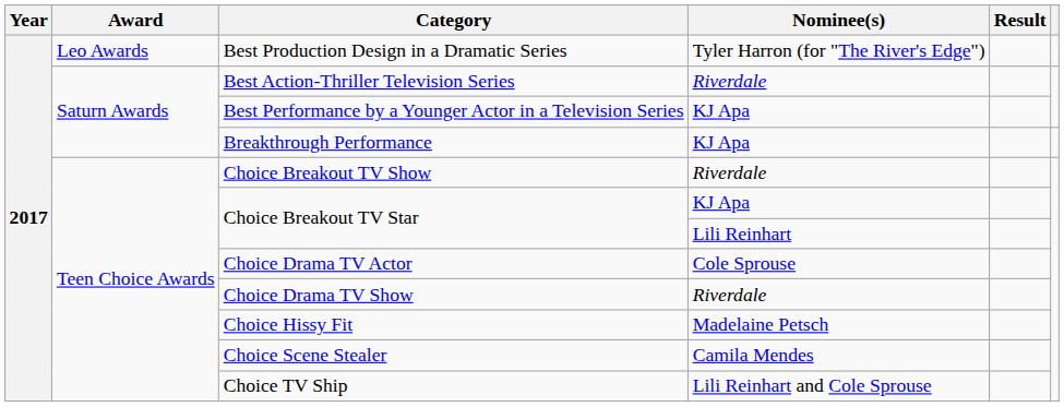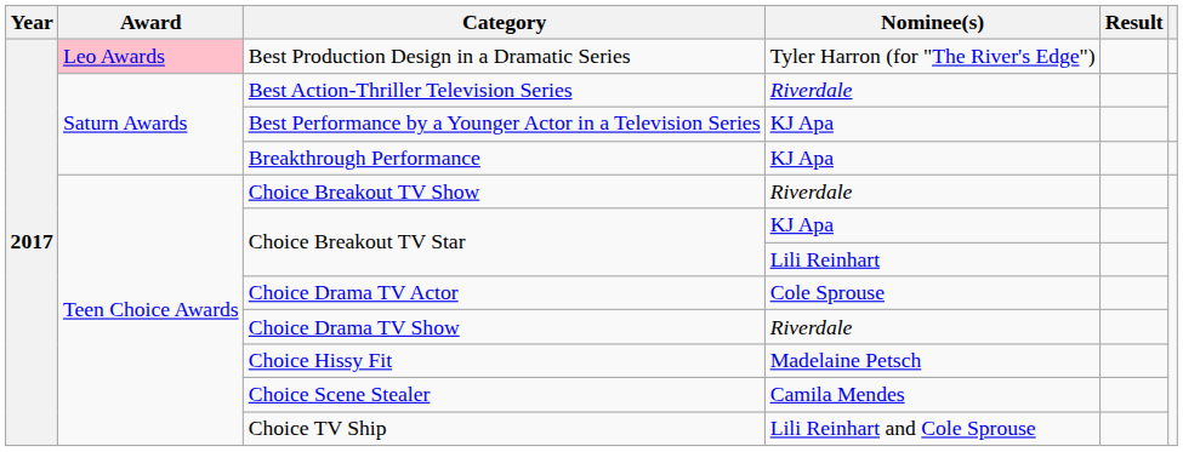 <table class="wikitable sortable plainrowheaders">
 <tr>
 <th scope="col">Year</th>
 <th scope="col">Award</th>
 <th scope="col">Category</th>
 <th scope="col">Nominee(s)</th>
 <th scope="col">Result</th>
 <th scope="col" class="unsortable"></th>
 </tr>
 <tr>
 <th scope="row" rowspan="12">2017</th>
-<td><a href='#'>Leo Awards</a></td>
+<td style="background: pink;"><a href='#'>Leo Awards</a></td>
 <td>Best Production Design in a Dramatic Series</td>
 <td data-sort-value="Harron, Tyler">Tyler Harron (for "<a href='#'>The River's Edge</a>")</td>
 <td></td>
 <td></td>
 </tr>
 <tr>
 <td rowspan="3"><a href='#'>Saturn Awards</a></td>
 <td><a href='#'>Best Action-Thriller Television Series</a></td>
 <td><em><a href='#'>Riverdale</a></em></td>
 <td></td>
 <td rowspan="2"></td>
 </tr>
 <tr>
 <td><a href='#'>Best Performance by a Younger Actor in a Television Series</a></td>
 <td data-sort-value="Apa, KJ"><a href='#'>KJ Apa</a></td>
 <td></td>
 </tr>
 <tr>
 <td><a href='#'>Breakthrough Performance</a></td>
 <td data-sort-value="Apa, KJ"><a href='#'>KJ Apa</a></td>
 <td></td>
 <td></td>
 </tr>
 <tr>
 <td rowspan="8"><a href='#'>Teen Choice Awards</a></td>
 <td><a href='#'>Choice Breakout TV Show</a></td>
 <td><em>Riverdale</em></td>
 <td></td>
 <td rowspan="8"></td>
 </tr>
 <tr>
 <td rowspan="2">Choice Breakout TV Star</td>
 <td data-sort-value="Apa, KJ"><a href='#'>KJ Apa</a></td>
 <td></td>
 </tr>
 <tr>
 <td data-sort-value="Reinhart, Lili"><a href='#'>Lili Reinhart</a></td>
 <td></td>
 </tr>
 <tr>
 <td><a href='#'>Choice Drama TV Actor</a></td>
 <td data-sort-value="Sprouse, Cole"><a href='#'>Cole Sprouse</a></td>
 <td></td>
 </tr>
 <tr>
 <td><a href='#'>Choice Drama TV Show</a></td>
 <td><em>Riverdale</em></td>
 <td></td>
 </tr>
 <tr>
 <td><a href='#'>Choice Hissy Fit</a></td>
 <td data-sort-value="Petsch, Madelaine"><a href='#'>Madelaine Petsch</a></td>
 <td></td>
 </tr>
 <tr>
 <td><a href='#'>Choice Scene Stealer</a></td>
 <td data-sort-value="Mendes, Camila"><a href='#'>Camila Mendes</a></td>
 <td></td>
 </tr>
 <tr>
 <td>Choice TV Ship</td>
 <td data-sort-value="Reinhart, Lili and Cole Sprouse"><a href='#'>Lili Reinhart</a> and <a href='#'>Cole Sprouse</a></td>
 <td></td>
 </tr>
 </table>
